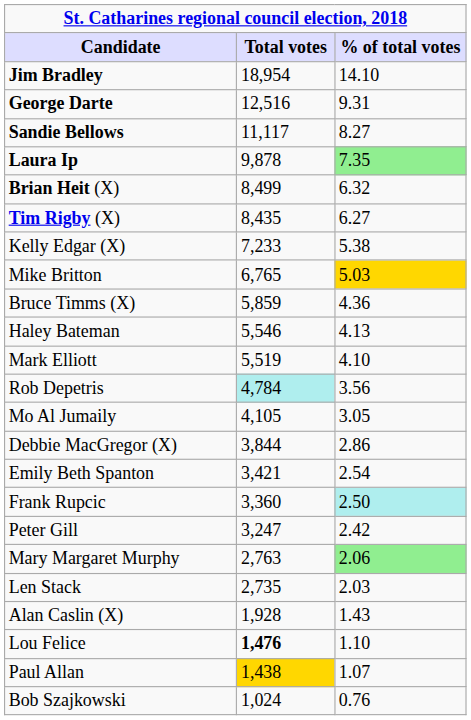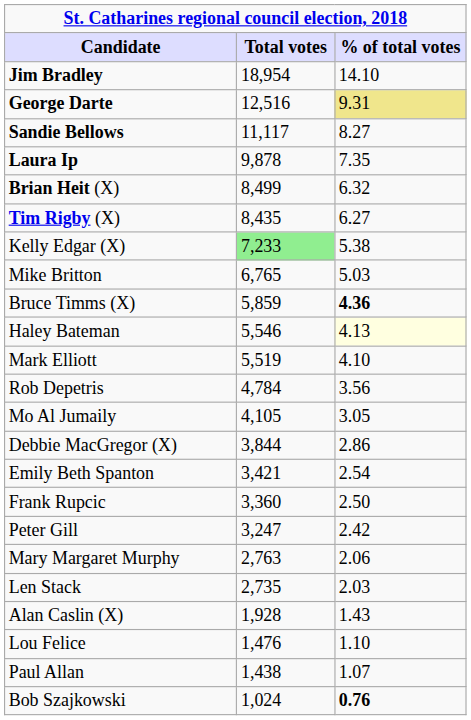 <table class="wikitable sortable">
 <tr>
 <td colspan="3" style="text-align:center;"><strong><a href='#'>St. Catharines regional council election, 2018</a></strong></td>
 </tr>
 <tr>
 <th style="background:#ddf; width:200px;">Candidate</th>
 <th style="background:#ddf; width:80px;">Total votes</th>
 <th style="background:#ddf; width:110px;">% of total votes</th>
 </tr>
 <tr>
 <td><strong>Jim Bradley</strong></td>
 <td>18,954</td>
 <td>14.10</td>
 </tr>
 <tr>
 <td><strong>George Darte</strong></td>
 <td>12,516</td>
-<td>9.31</td>
+<td style="background: khaki;">9.31</td>
 </tr>
 <tr>
 <td><strong>Sandie Bellows</strong></td>
 <td>11,117</td>
 <td>8.27</td>
 </tr>
 <tr>
 <td><strong>Laura Ip</strong></td>
 <td>9,878</td>
-<td style="background: lightgreen;">7.35</td>
+<td>7.35</td>
 </tr>
 <tr>
 <td><strong>Brian Heit</strong> (X)</td>
 <td>8,499</td>
 <td>6.32</td>
 </tr>
 <tr>
 <td><strong><a href='#'>Tim Rigby</a></strong> (X)</td>
 <td>8,435</td>
 <td>6.27</td>
 </tr>
 <tr>
 <td>Kelly Edgar (X)</td>
-<td>7,233</td>
+<td style="background: lightgreen;">7,233</td>
 <td>5.38</td>
 </tr>
 <tr>
 <td>Mike Britton</td>
 <td>6,765</td>
-<td style="background: gold;">5.03</td>
+<td>5.03</td>
 </tr>
 <tr>
 <td>Bruce Timms (X)</td>
 <td>5,859</td>
-<td>4.36</td>
+<td><strong>4.36</strong></td>
 </tr>
 <tr>
 <td>Haley Bateman</td>
 <td>5,546</td>
-<td>4.13</td>
+<td style="background: lightyellow;">4.13</td>
 </tr>
 <tr>
 <td>Mark Elliott</td>
 <td>5,519</td>
 <td>4.10</td>
 </tr>
 <tr>
 <td>Rob Depetris</td>
-<td style="background: paleturquoise;">4,784</td>
+<td>4,784</td>
 <td>3.56</td>
 </tr>
 <tr>
 <td>Mo Al Jumaily</td>
 <td>4,105</td>
 <td>3.05</td>
 </tr>
 <tr>
 <td>Debbie MacGregor (X)</td>
 <td>3,844</td>
 <td>2.86</td>
 </tr>
 <tr>
 <td>Emily Beth Spanton</td>
 <td>3,421</td>
 <td>2.54</td>
 </tr>
 <tr>
 <td>Frank Rupcic</td>
 <td>3,360</td>
-<td style="background: paleturquoise;">2.50</td>
+<td>2.50</td>
 </tr>
 <tr>
 <td>Peter Gill</td>
 <td>3,247</td>
 <td>2.42</td>
 </tr>
 <tr>
 <td>Mary Margaret Murphy</td>
 <td>2,763</td>
-<td style="background: lightgreen;">2.06</td>
+<td>2.06</td>
 </tr>
 <tr>
 <td>Len Stack</td>
 <td>2,735</td>
 <td>2.03</td>
 </tr>
 <tr>
 <td>Alan Caslin (X)</td>
 <td>1,928</td>
 <td>1.43</td>
 </tr>
 <tr>
 <td>Lou Felice</td>
-<td><strong>1,476</strong></td>
+<td>1,476</td>
 <td>1.10</td>
 </tr>
 <tr>
 <td>Paul Allan</td>
-<td style="background: gold;">1,438</td>
+<td>1,438</td>
 <td>1.07</td>
 </tr>
 <tr>
 <td>Bob Szajkowski</td>
 <td>1,024</td>
-<td>0.76</td>
+<td><strong>0.76</strong></td>
 </tr>
 </table>
